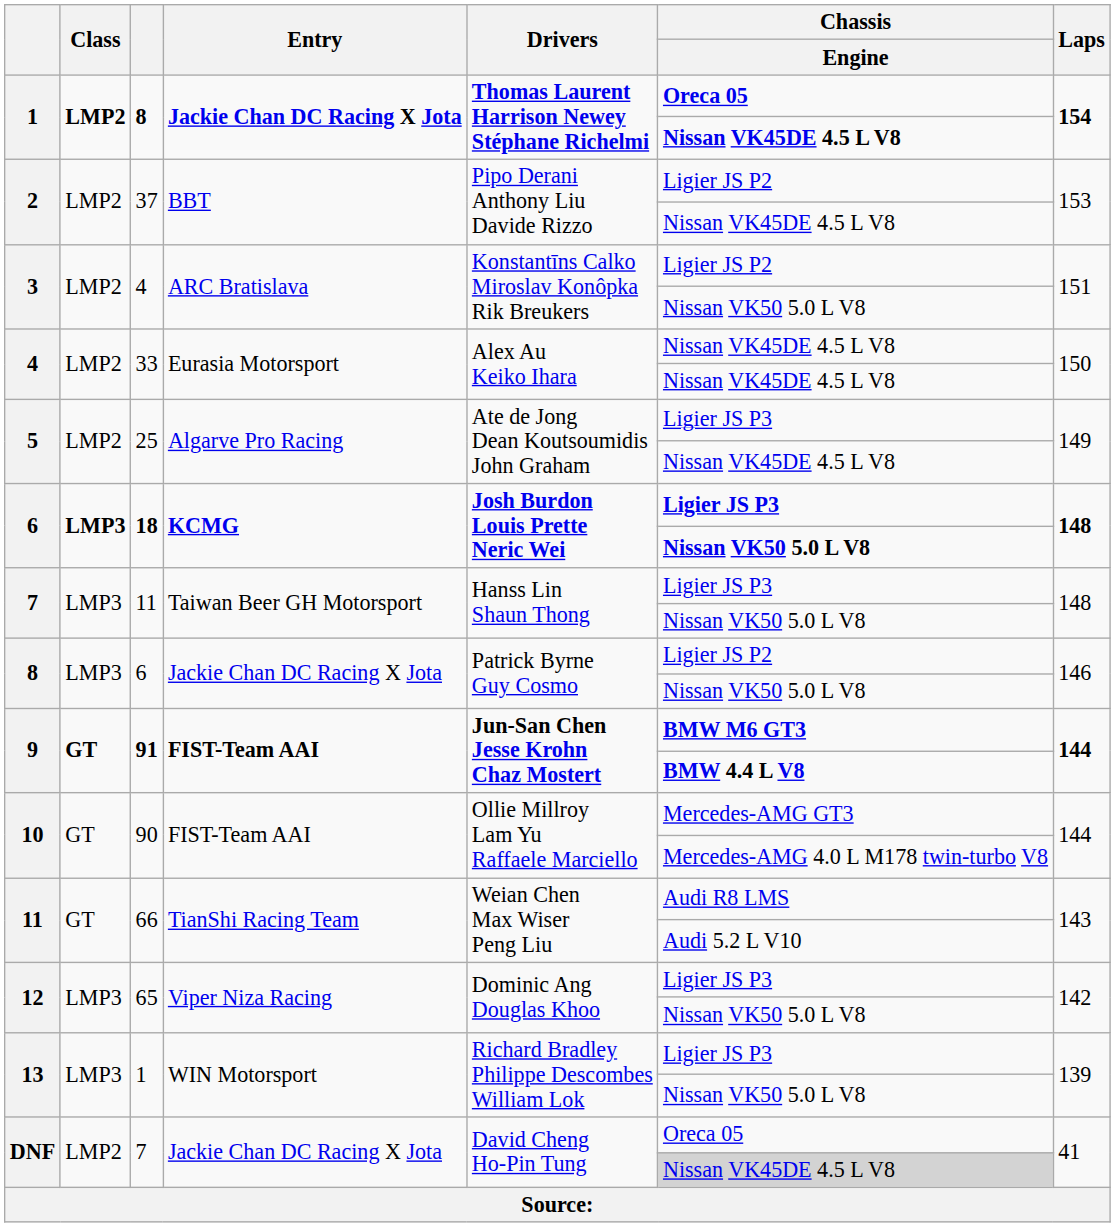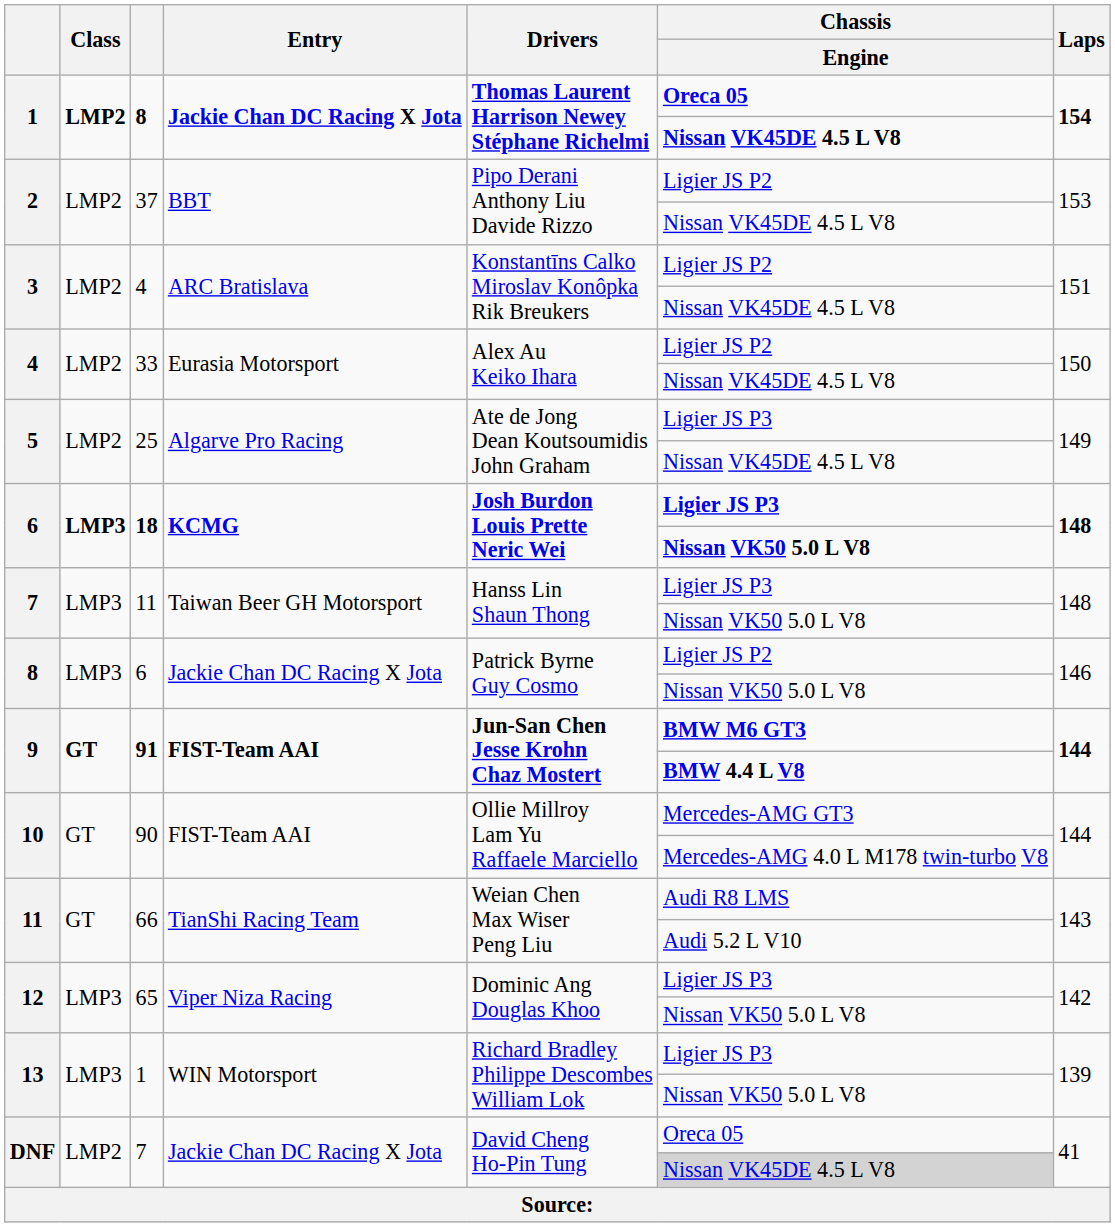 <table class="wikitable">
 <tr>
 <th rowspan="2"></th>
 <th rowspan="2">Class</th>
 <th rowspan="2"></th>
 <th rowspan="2">Entry</th>
 <th rowspan="2">Drivers</th>
 <th>Chassis</th>
 <th rowspan="2">Laps</th>
 </tr>
 <tr>
 <th>Engine</th>
 </tr>
 <tr>
 <th rowspan="2">1</th>
 <td rowspan="2"><strong>LMP2</strong></td>
 <td rowspan="2"><strong>8</strong></td>
 <td rowspan="2"><strong> <a href='#'>Jackie Chan DC Racing</a> X <a href='#'>Jota</a></strong></td>
 <td rowspan="2"><strong> <a href='#'>Thomas Laurent</a></strong><br><strong> <a href='#'>Harrison Newey</a></strong><br><strong> <a href='#'>Stéphane Richelmi</a></strong></td>
 <td><strong><a href='#'>Oreca 05</a></strong></td>
 <td rowspan="2"><strong>154</strong></td>
 </tr>
 <tr>
 <td><strong><a href='#'>Nissan</a> <a href='#'>VK45DE</a> 4.5 L V8</strong></td>
 </tr>
 <tr>
 <th rowspan="2">2</th>
 <td rowspan="2">LMP2</td>
 <td rowspan="2">37</td>
 <td rowspan="2"> <a href='#'>BBT</a></td>
 <td rowspan="2"> <a href='#'>Pipo Derani</a><br> Anthony Liu<br> Davide Rizzo</td>
 <td><a href='#'>Ligier JS P2</a></td>
 <td rowspan="2">153</td>
 </tr>
 <tr>
 <td><a href='#'>Nissan</a> <a href='#'>VK45DE</a> 4.5 L V8</td>
 </tr>
 <tr>
 <th rowspan="2">3</th>
 <td rowspan="2">LMP2</td>
 <td rowspan="2">4</td>
 <td rowspan="2"> <a href='#'>ARC Bratislava</a></td>
 <td rowspan="2"> <a href='#'>Konstantīns Calko</a><br> <a href='#'>Miroslav Konôpka</a><br> Rik Breukers</td>
 <td><a href='#'>Ligier JS P2</a></td>
 <td rowspan="2">151</td>
 </tr>
 <tr>
-<td><a href='#'>Nissan</a> <a href='#'>VK50</a> 5.0 L V8</td>
+<td><a href='#'>Nissan</a> <a href='#'>VK45DE</a> 4.5 L V8</td>
 </tr>
 <tr>
 <th rowspan="2">4</th>
 <td rowspan="2">LMP2</td>
 <td rowspan="2">33</td>
 <td rowspan="2"> Eurasia Motorsport</td>
 <td rowspan="2"> Alex Au<br><a href='#'>Keiko Ihara</a></td>
-<td><a href='#'>Nissan</a> <a href='#'>VK45DE</a> 4.5 L V8</td>
+<td><a href='#'>Ligier JS P2</a></td>
 <td rowspan="2">150</td>
 </tr>
 <tr>
 <td><a href='#'>Nissan</a> <a href='#'>VK45DE</a> 4.5 L V8</td>
 </tr>
 <tr>
 <th rowspan="2">5</th>
 <td rowspan="2">LMP2</td>
 <td rowspan="2">25</td>
 <td rowspan="2"> <a href='#'>Algarve Pro Racing</a></td>
 <td rowspan="2"> Ate de Jong<br> Dean Koutsoumidis<br> John Graham</td>
 <td><a href='#'>Ligier JS P3</a></td>
 <td rowspan="2">149</td>
 </tr>
 <tr>
 <td><a href='#'>Nissan</a> <a href='#'>VK45DE</a> 4.5 L V8</td>
 </tr>
 <tr>
 <th rowspan="2">6</th>
 <td rowspan="2"><strong>LMP3</strong></td>
 <td rowspan="2"><strong>18</strong></td>
 <td rowspan="2"><strong> <a href='#'>KCMG</a></strong></td>
 <td rowspan="2"><strong> <a href='#'>Josh Burdon</a></strong><br><strong> <a href='#'>Louis Prette</a></strong><br><strong> <a href='#'>Neric Wei</a></strong></td>
 <td><strong><a href='#'>Ligier JS P3</a></strong></td>
 <td rowspan="2"><strong>148</strong></td>
 </tr>
 <tr>
 <td><strong><a href='#'>Nissan</a> <a href='#'>VK50</a> 5.0 L V8</strong></td>
 </tr>
 <tr>
 <th rowspan="2">7</th>
 <td rowspan="2">LMP3</td>
 <td rowspan="2">11</td>
 <td rowspan="2"> Taiwan Beer GH Motorsport</td>
 <td rowspan="2"> Hanss Lin<br> <a href='#'>Shaun Thong</a></td>
 <td><a href='#'>Ligier JS P3</a></td>
 <td rowspan="2">148</td>
 </tr>
 <tr>
 <td><a href='#'>Nissan</a> <a href='#'>VK50</a> 5.0 L V8</td>
 </tr>
 <tr>
 <th rowspan="2">8</th>
 <td rowspan="2">LMP3</td>
 <td rowspan="2">6</td>
 <td rowspan="2"> <a href='#'>Jackie Chan DC Racing</a> X <a href='#'>Jota</a></td>
 <td rowspan="2"> Patrick Byrne<br> <a href='#'>Guy Cosmo</a></td>
 <td><a href='#'>Ligier JS P2</a></td>
 <td rowspan="2">146</td>
 </tr>
 <tr>
 <td><a href='#'>Nissan</a> <a href='#'>VK50</a> 5.0 L V8</td>
 </tr>
 <tr>
 <th rowspan="2">9</th>
 <td rowspan="2"><strong>GT</strong></td>
 <td rowspan="2"><strong>91</strong></td>
 <td rowspan="2"><strong> FIST-Team AAI</strong></td>
 <td rowspan="2"><strong> Jun-San Chen</strong><br><strong> <a href='#'>Jesse Krohn</a></strong><br><strong> <a href='#'>Chaz Mostert</a></strong></td>
 <td><a href='#'><strong>BMW M6 GT3</strong></a></td>
 <td rowspan="2"><strong>144</strong></td>
 </tr>
 <tr>
 <td><strong><a href='#'>BMW</a> 4.4 L <a href='#'>V8</a></strong></td>
 </tr>
 <tr>
 <th rowspan="2">10</th>
 <td rowspan="2">GT</td>
 <td rowspan="2">90</td>
 <td rowspan="2"> FIST-Team AAI</td>
 <td rowspan="2"> Ollie Millroy<br> Lam Yu<br> <a href='#'>Raffaele Marciello</a></td>
 <td><a href='#'>Mercedes-AMG GT3</a></td>
 <td rowspan="2">144</td>
 </tr>
 <tr>
 <td><a href='#'>Mercedes-AMG</a> 4.0 L M178 <a href='#'>twin-turbo</a> <a href='#'>V8</a></td>
 </tr>
 <tr>
 <th rowspan="2">11</th>
 <td rowspan="2">GT</td>
 <td rowspan="2">66</td>
 <td rowspan="2"> <a href='#'>TianShi Racing Team</a></td>
 <td rowspan="2"> Weian Chen<br> Max Wiser<br> Peng Liu</td>
 <td><a href='#'>Audi R8 LMS</a></td>
 <td rowspan="2">143</td>
 </tr>
 <tr>
 <td><a href='#'>Audi</a> 5.2 L V10</td>
 </tr>
 <tr>
 <th rowspan="2">12</th>
 <td rowspan="2">LMP3</td>
 <td rowspan="2">65</td>
 <td rowspan="2"> <a href='#'>Viper Niza Racing</a></td>
 <td rowspan="2"> Dominic Ang<br> <a href='#'>Douglas Khoo</a></td>
 <td><a href='#'>Ligier JS P3</a></td>
 <td rowspan="2">142</td>
 </tr>
 <tr>
 <td><a href='#'>Nissan</a> <a href='#'>VK50</a> 5.0 L V8</td>
 </tr>
 <tr>
 <th rowspan="2">13</th>
 <td rowspan="2">LMP3</td>
 <td rowspan="2">1</td>
 <td rowspan="2"> WIN Motorsport</td>
 <td rowspan="2"> <a href='#'>Richard Bradley</a><br> <a href='#'>Philippe Descombes</a><br> <a href='#'>William Lok</a></td>
 <td><a href='#'>Ligier JS P3</a></td>
 <td rowspan="2">139</td>
 </tr>
 <tr>
 <td><a href='#'>Nissan</a> <a href='#'>VK50</a> 5.0 L V8</td>
 </tr>
 <tr>
 <th rowspan="2">DNF</th>
 <td rowspan="2">LMP2</td>
 <td rowspan="2">7</td>
 <td rowspan="2"> <a href='#'>Jackie Chan DC Racing</a> X <a href='#'>Jota</a></td>
 <td rowspan="2"> <a href='#'>David Cheng</a><br> <a href='#'>Ho-Pin Tung</a></td>
 <td><a href='#'>Oreca 05</a></td>
 <td rowspan="2">41</td>
 </tr>
 <tr>
 <td style="background: lightgrey;"><a href='#'>Nissan</a> <a href='#'>VK45DE</a> 4.5 L V8</td>
 </tr>
 <tr>
 <th colspan="7">Source:</th>
 </tr>
 </table>
